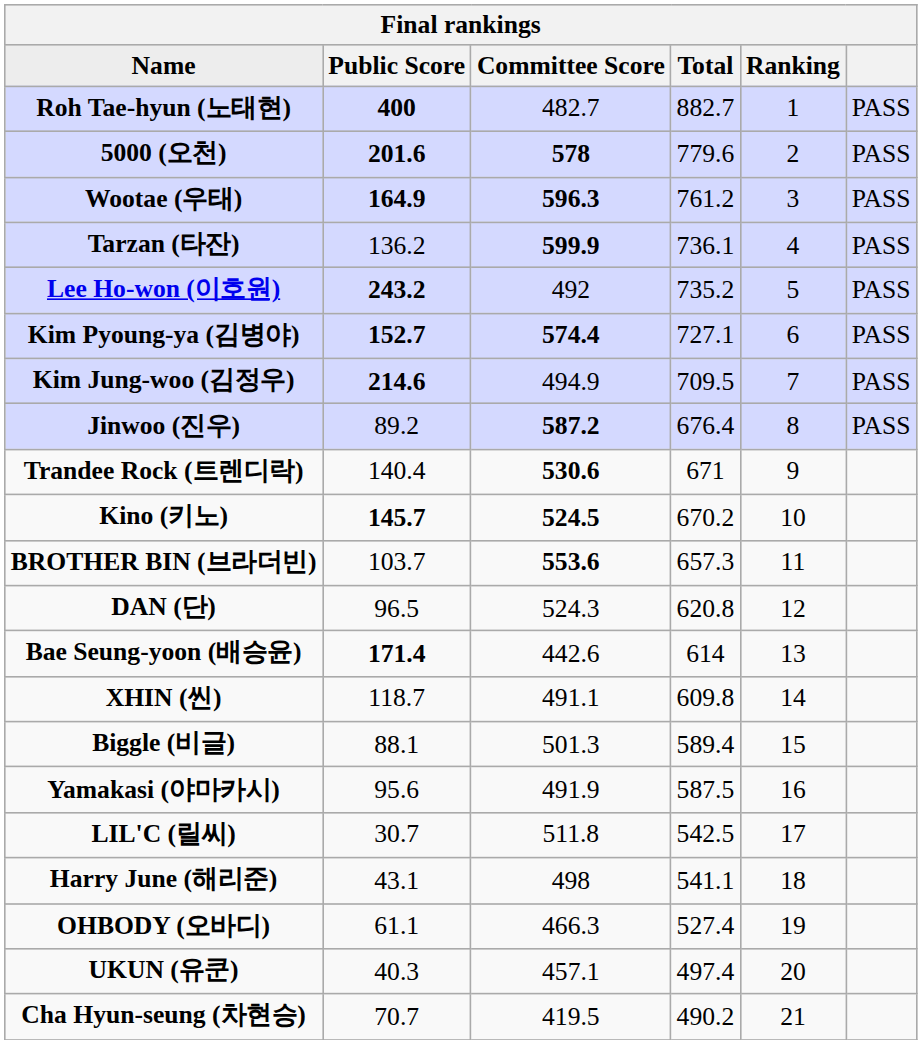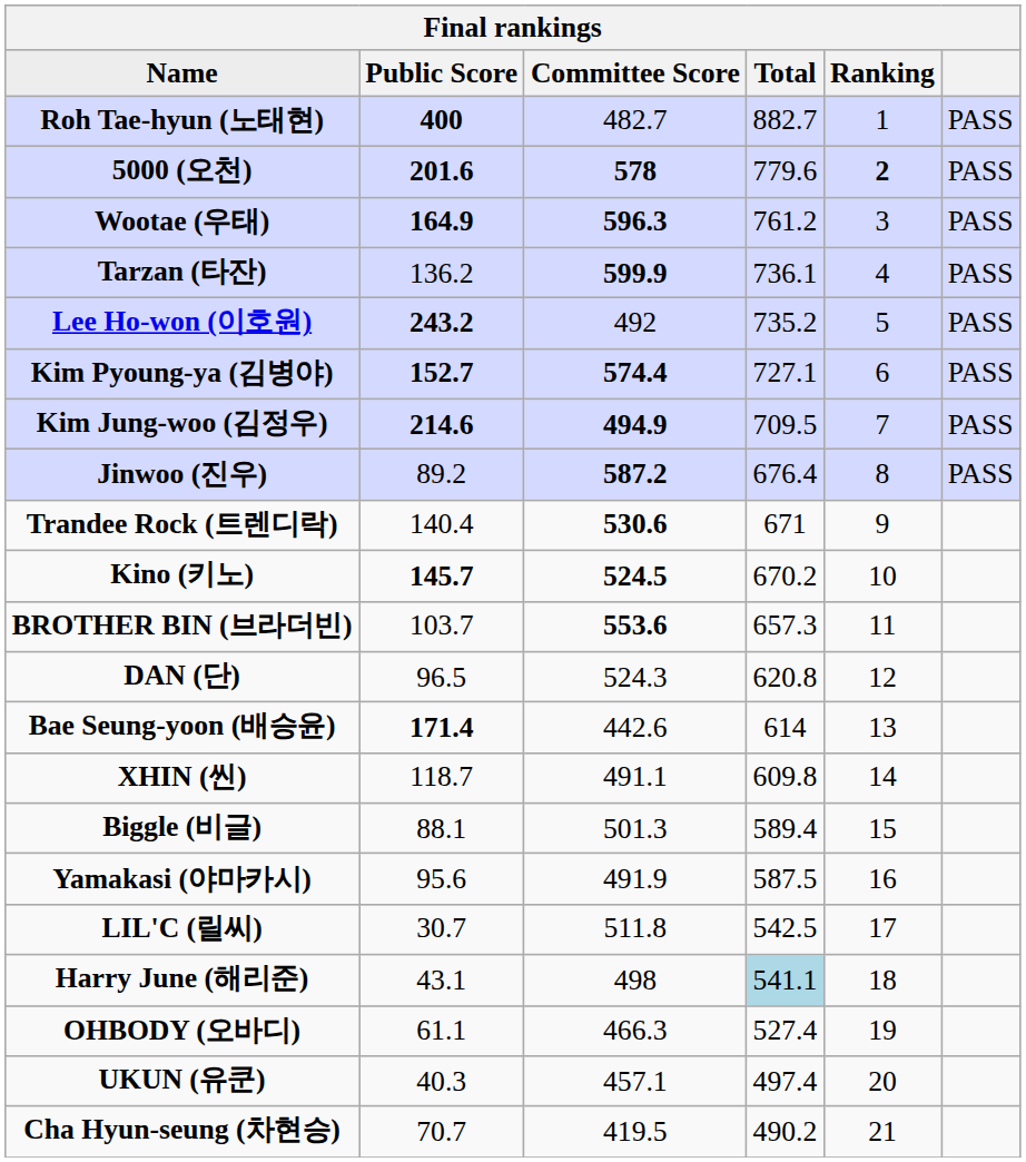 <table class="wikitable sortable" style="text-align:center; font-size:100%" |>
 <tr>
 <th colspan="6">Final rankings</th>
 </tr>
 <tr>
 <th style="background:#EDEDED">Name</th>
 <th>Public Score</th>
 <th>Committee Score</th>
 <th>Total</th>
 <th>Ranking</th>
 <th></th>
 </tr>
 <tr>
 <td style="background:#D4D9FF"><strong>Roh Tae-hyun (노태현)</strong></td>
 <td style="background:#D4D9FF"><strong>400</strong></td>
 <td style="background:#D4D9FF">482.7</td>
 <td style="background:#D4D9FF">882.7</td>
 <td style="background:#D4D9FF">1</td>
 <td style="background:#D4D9FF">PASS</td>
 </tr>
 <tr>
 <td style="background:#D4D9FF"><strong>5000 (오천)</strong></td>
 <td style="background:#D4D9FF"><strong>201.6</strong></td>
 <td style="background:#D4D9FF"><strong>578</strong></td>
 <td style="background:#D4D9FF">779.6</td>
-<td style="background:#D4D9FF">2</td>
+<td style="background:#D4D9FF"><strong>2</strong></td>
 <td style="background:#D4D9FF">PASS</td>
 </tr>
 <tr>
 <td style="background:#D4D9FF"><strong>Wootae (우태)</strong></td>
 <td style="background:#D4D9FF"><strong>164.9</strong></td>
 <td style="background:#D4D9FF"><strong>596.3</strong></td>
 <td style="background:#D4D9FF">761.2</td>
 <td style="background:#D4D9FF">3</td>
 <td style="background:#D4D9FF">PASS</td>
 </tr>
 <tr>
 <td style="background:#D4D9FF"><strong>Tarzan (타잔)</strong></td>
 <td style="background:#D4D9FF">136.2</td>
 <td style="background:#D4D9FF"><strong>599.9</strong></td>
 <td style="background:#D4D9FF">736.1</td>
 <td style="background:#D4D9FF">4</td>
 <td style="background:#D4D9FF">PASS</td>
 </tr>
 <tr>
 <td style="background:#D4D9FF"><strong><a href='#'>Lee Ho-won (이호원)</a></strong></td>
 <td style="background:#D4D9FF"><strong>243.2</strong></td>
 <td style="background:#D4D9FF">492</td>
 <td style="background:#D4D9FF">735.2</td>
 <td style="background:#D4D9FF">5</td>
 <td style="background:#D4D9FF">PASS</td>
 </tr>
 <tr>
 <td style="background:#D4D9FF"><strong>Kim Pyoung-ya (김병야)</strong></td>
 <td style="background:#D4D9FF"><strong>152.7</strong></td>
 <td style="background:#D4D9FF"><strong>574.4</strong></td>
 <td style="background:#D4D9FF">727.1</td>
 <td style="background:#D4D9FF">6</td>
 <td style="background:#D4D9FF">PASS</td>
 </tr>
 <tr>
 <td style="background:#D4D9FF"><strong>Kim Jung-woo (김정우)</strong></td>
 <td style="background:#D4D9FF"><strong>214.6</strong></td>
-<td style="background:#D4D9FF">494.9</td>
+<td style="background:#D4D9FF"><strong>494.9</strong></td>
 <td style="background:#D4D9FF">709.5</td>
 <td style="background:#D4D9FF">7</td>
 <td style="background:#D4D9FF">PASS</td>
 </tr>
 <tr>
 <td style="background:#D4D9FF"><strong>Jinwoo (진우)</strong></td>
 <td style="background:#D4D9FF">89.2</td>
 <td style="background:#D4D9FF"><strong>587.2</strong></td>
 <td style="background:#D4D9FF">676.4</td>
 <td style="background:#D4D9FF">8</td>
 <td style="background:#D4D9FF">PASS</td>
 </tr>
 <tr>
 <td><strong>Trandee Rock (트렌디락)</strong></td>
 <td>140.4</td>
 <td><strong>530.6</strong></td>
 <td>671</td>
 <td>9</td>
 <td></td>
 </tr>
 <tr>
 <td><strong>Kino (키노)</strong></td>
 <td><strong>145.7</strong></td>
 <td><strong>524.5</strong></td>
 <td>670.2</td>
 <td>10</td>
 <td></td>
 </tr>
 <tr>
 <td><strong>BROTHER BIN (브라더빈)</strong></td>
 <td>103.7</td>
 <td><strong>553.6</strong></td>
 <td>657.3</td>
 <td>11</td>
 <td></td>
 </tr>
 <tr>
 <td><strong>DAN (단)</strong></td>
 <td>96.5</td>
 <td>524.3</td>
 <td>620.8</td>
 <td>12</td>
 <td></td>
 </tr>
 <tr>
 <td><strong>Bae Seung-yoon (배승윤)</strong></td>
 <td><strong>171.4</strong></td>
 <td>442.6</td>
 <td>614</td>
 <td>13</td>
 <td></td>
 </tr>
 <tr>
 <td><strong>XHIN (씬)</strong></td>
 <td>118.7</td>
 <td>491.1</td>
 <td>609.8</td>
 <td>14</td>
 <td></td>
 </tr>
 <tr>
 <td><strong>Biggle (비글)</strong></td>
 <td>88.1</td>
 <td>501.3</td>
 <td>589.4</td>
 <td>15</td>
 <td></td>
 </tr>
 <tr>
 <td><strong>Yamakasi (야마카시)</strong></td>
 <td>95.6</td>
 <td>491.9</td>
 <td>587.5</td>
 <td>16</td>
 <td></td>
 </tr>
 <tr>
 <td><strong>LIL'C (릴씨)</strong></td>
 <td>30.7</td>
 <td>511.8</td>
 <td>542.5</td>
 <td>17</td>
 <td></td>
 </tr>
 <tr>
 <td><strong>Harry June (해리준)</strong></td>
 <td>43.1</td>
 <td>498</td>
-<td>541.1</td>
+<td style="background: lightblue;">541.1</td>
 <td>18</td>
 <td></td>
 </tr>
 <tr>
 <td><strong>OHBODY (오바디)</strong></td>
 <td>61.1</td>
 <td>466.3</td>
 <td>527.4</td>
 <td>19</td>
 <td></td>
 </tr>
 <tr>
 <td><strong>UKUN (유쿤)</strong></td>
 <td>40.3</td>
 <td>457.1</td>
 <td>497.4</td>
 <td>20</td>
 <td></td>
 </tr>
 <tr>
 <td><strong>Cha Hyun-seung (차현승)</strong></td>
 <td>70.7</td>
 <td>419.5</td>
 <td>490.2</td>
 <td>21</td>
 <td></td>
 </tr>
 </table>
